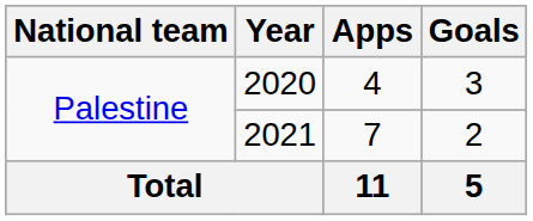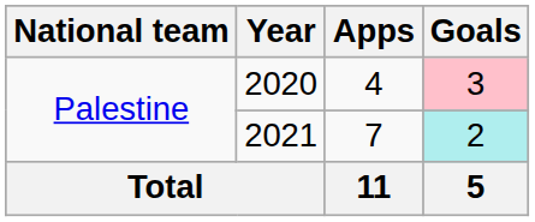 <table class="wikitable" style="text-align:center">
 <tr>
 <th>National team</th>
 <th>Year</th>
 <th>Apps</th>
 <th>Goals</th>
 </tr>
 <tr>
 <td rowspan="2"><a href='#'>Palestine</a></td>
 <td>2020</td>
 <td>4</td>
-<td>3</td>
+<td style="background: pink;">3</td>
 </tr>
 <tr>
 <td>2021</td>
 <td>7</td>
-<td>2</td>
+<td style="background: paleturquoise;">2</td>
 </tr>
 <tr>
 <th colspan="2">Total</th>
 <th>11</th>
 <th>5</th>
 </tr>
 </table>
